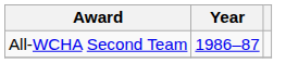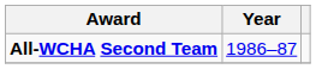 <table class="wikitable">
 <tr>
 <th>Award</th>
 <th>Year</th>
 <th></th>
 </tr>
 <tr>
-<td>All-<a href='#'>WCHA</a> <a href='#'>Second Team</a></td>
+<td><strong>All-<a href='#'>WCHA</a> <a href='#'>Second Team</a></strong></td>
 <td><a href='#'>1986–87</a></td>
 <td></td>
 </tr>
 <tr>
 </tr>
 </table>
